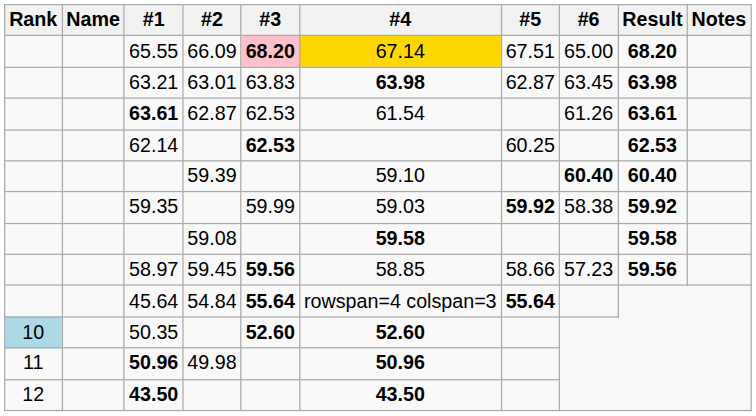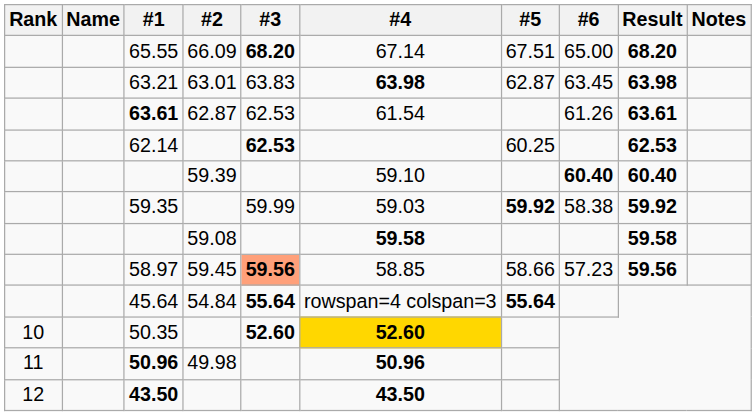 <table class="wikitable sortable" style="text-align:center">
 <tr>
 <th>Rank</th>
 <th>Name</th>
 <th>#1</th>
 <th>#2</th>
 <th>#3</th>
 <th>#4</th>
 <th>#5</th>
 <th>#6</th>
 <th>Result</th>
 <th>Notes</th>
 </tr>
 <tr>
 <td></td>
 <td align="left"></td>
 <td>65.55</td>
 <td>66.09</td>
-<td style="background: pink;"><strong>68.20</strong></td>
-<td style="background: gold;">67.14</td>
+<td><strong>68.20</strong></td>
+<td>67.14</td>
 <td>67.51</td>
 <td>65.00</td>
 <td><strong>68.20</strong></td>
 <td><strong></strong></td>
 </tr>
 <tr>
 <td></td>
 <td align="left"></td>
 <td>63.21</td>
 <td>63.01</td>
 <td>63.83</td>
 <td><strong>63.98</strong></td>
 <td>62.87</td>
 <td>63.45</td>
 <td><strong>63.98</strong></td>
 <td></td>
 </tr>
 <tr>
 <td></td>
 <td align="left"></td>
 <td><strong>63.61</strong></td>
 <td>62.87</td>
 <td>62.53</td>
 <td>61.54</td>
 <td></td>
 <td>61.26</td>
 <td><strong>63.61</strong></td>
 <td></td>
 </tr>
 <tr>
 <td></td>
 <td align="left"></td>
 <td>62.14</td>
 <td></td>
 <td><strong>62.53</strong></td>
 <td></td>
 <td>60.25</td>
 <td></td>
 <td><strong>62.53</strong></td>
 <td></td>
 </tr>
 <tr>
 <td></td>
 <td align="left"></td>
 <td></td>
 <td>59.39</td>
 <td></td>
 <td>59.10</td>
 <td></td>
 <td><strong>60.40</strong></td>
 <td><strong>60.40</strong></td>
 <td></td>
 </tr>
 <tr>
 <td></td>
 <td align="left"></td>
 <td>59.35</td>
 <td></td>
 <td>59.99</td>
 <td>59.03</td>
 <td><strong>59.92</strong></td>
 <td>58.38</td>
 <td><strong>59.92</strong></td>
 <td></td>
 </tr>
 <tr>
 <td></td>
 <td align="left"></td>
 <td></td>
 <td>59.08</td>
 <td></td>
 <td><strong>59.58</strong></td>
 <td></td>
 <td></td>
 <td><strong>59.58</strong></td>
 <td></td>
 </tr>
 <tr>
 <td></td>
 <td align="left"></td>
 <td>58.97</td>
 <td>59.45</td>
-<td><strong>59.56</strong></td>
+<td style="background: lightsalmon;"><strong>59.56</strong></td>
 <td>58.85</td>
 <td>58.66</td>
 <td>57.23</td>
 <td><strong>59.56</strong></td>
 <td></td>
 </tr>
 <tr>
 <td></td>
 <td align="left"></td>
 <td>45.64</td>
 <td>54.84</td>
 <td><strong>55.64</strong></td>
 <td>rowspan=4 colspan=3 </td>
 <td><strong>55.64</strong></td>
 <td></td>
 </tr>
 <tr>
-<td style="background: lightblue;">10</td>
+<td>10</td>
 <td align="left"></td>
 <td>50.35</td>
 <td></td>
 <td><strong>52.60</strong></td>
-<td><strong>52.60</strong></td>
+<td style="background: gold;"><strong>52.60</strong></td>
 <td></td>
 </tr>
 <tr>
 <td>11</td>
 <td align="left"></td>
 <td><strong>50.96</strong></td>
 <td>49.98</td>
 <td></td>
 <td><strong>50.96</strong></td>
 <td></td>
 </tr>
 <tr>
 <td>12</td>
 <td align="left"></td>
 <td><strong>43.50</strong></td>
 <td></td>
 <td></td>
 <td><strong>43.50</strong></td>
 <td></td>
 </tr>
 </table>
